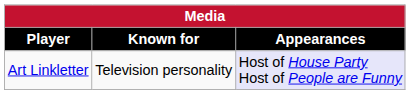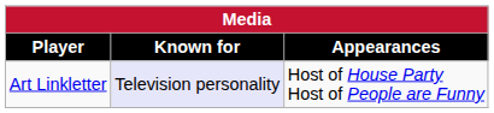 <table class="wikitable" style="float:left; margin-right:1em">
 <tr>
 <th style="background:#C41230; color:white;" colspan=6>Media</th>
 </tr>
 <tr>
 <th style="background:black;color:white;">Player</th>
 <th style="background:black;color:white;">Known for</th>
 <th style="background:black;color:white;">Appearances</th>
 </tr>
 <tr>
 <td><a href='#'>Art Linkletter</a></td>
-<td>Television personality</td>
-<td style="background: lavender;">Host of <a href='#'><em>House Party</em></a><br>Host of <em><a href='#'>People are Funny</a></em></td>
+<td style="background: lavender;">Television personality</td>
+<td>Host of <a href='#'><em>House Party</em></a><br>Host of <em><a href='#'>People are Funny</a></em></td>
 </tr>
 </table>
